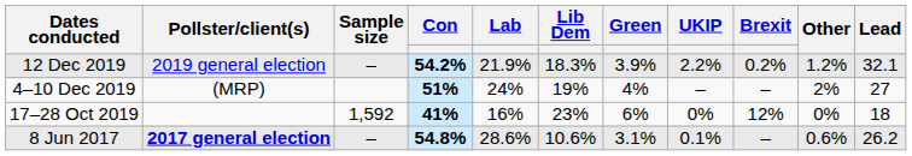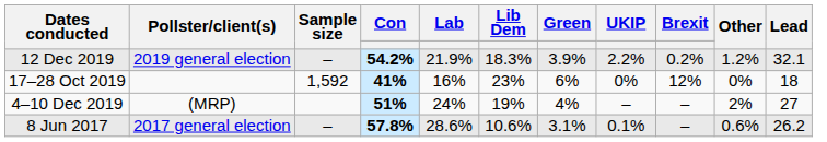 <table class="wikitable sortable mw-datatable" style="text-align:center;line-height:14px;">
 <tr>
 <th rowspan="2">Dates<br>conducted</th>
 <th rowspan="2">Pollster/client(s)</th>
 <th data-sort-type="number" rowspan="2">Sample<br>size</th>
 <th class="unsortable" style="width:50px;"><a href='#'>Con</a></th>
 <th class="unsortable" style="width:50px;"><a href='#'>Lab</a></th>
 <th class="unsortable" style="width:50px;"><a href='#'>Lib Dem</a></th>
 <th class="unsortable" style="width:50px;"><a href='#'>Green</a></th>
 <th class="unsortable" style="width:50px;"><a href='#'>UKIP</a></th>
 <th class="unsortable" style="width:50px;"><a href='#'>Brexit</a></th>
 <th class="unsortable" rowspan="2">Other</th>
 <th data-sort-type="number" rowspan="2">Lead</th>
 </tr>
 <tr>
 <th data-sort-type="number" style="background:"></th>
 <th data-sort-type="number" style="background:"></th>
 <th data-sort-type="number" style="background:"></th>
 <th data-sort-type="number" style="background:"></th>
 <th data-sort-type="number" style="background:"></th>
 <th data-sort-type="number" style="background:"></th>
 </tr>
 <tr style="background:#E9E9E9;">
 <td data-sort-value="2017-06-08">12 Dec 2019</td>
 <td><a href='#'>2019 general election</a></td>
 <td>–</td>
 <td style="background:#CCEBFF;"><strong>54.2%</strong></td>
 <td>21.9%</td>
 <td>18.3%</td>
 <td>3.9%</td>
 <td>2.2%</td>
 <td>0.2%</td>
 <td>1.2%</td>
 <td style="background:">32.1</td>
 </tr>
 <tr>
+<td data-sort-value="2019-10-28">17–28 Oct 2019</td>
+<td></td>
+<td>1,592</td>
+<td style="background:#CCEBFF;"><strong>41%</strong></td>
+<td>16%</td>
+<td>23%</td>
+<td>6%</td>
+<td>0%</td>
+<td>12%</td>
+<td>0%</td>
+<td style="background:">18</td>
+</tr>
+<tr>
 <td data-sort-value="2019-12-10">4–10 Dec 2019</td>
 <td> (MRP)</td>
 <td></td>
 <td style="background:#CCEBFF;"><strong>51%</strong></td>
 <td>24%</td>
 <td>19%</td>
 <td>4%</td>
 <td>–</td>
 <td>–</td>
 <td>2%</td>
 <td style="background:">27</td>
 </tr>
-<tr>
-<td data-sort-value="2019-10-28">17–28 Oct 2019</td>
-<td></td>
-<td>1,592</td>
-<td style="background:#CCEBFF;"><strong>41%</strong></td>
-<td>16%</td>
-<td>23%</td>
-<td>6%</td>
-<td>0%</td>
-<td>12%</td>
-<td>0%</td>
-<td style="background:">18</td>
-</tr>
 <tr style="background:#E9E9E9;">
 <td data-sort-value="2017-06-08">8 Jun 2017</td>
-<td><strong><a href='#'>2017 general election</a></strong></td>
+<td><a href='#'>2017 general election</a></td>
 <td>–</td>
-<td style="background:#CCEBFF;"><strong>54.8%</strong></td>
+<td style="background:#CCEBFF;"><strong>57.8%</strong></td>
 <td>28.6%</td>
 <td>10.6%</td>
 <td>3.1%</td>
 <td>0.1%</td>
 <td>–</td>
 <td>0.6%</td>
 <td style="background:">26.2</td>
 </tr>
 </table>
